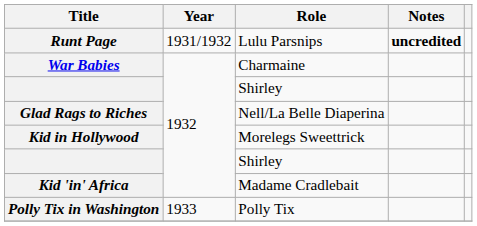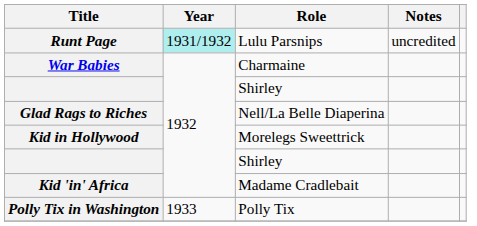 <table class="wikitable sortable plainrowheaders">
 <tr>
 <th scope="col">Title</th>
 <th scope="col">Year</th>
 <th scope="col" class="unsortable">Role</th>
 <th scope="col" class="unsortable">Notes</th>
 <th scope="col" class="unsortable"></th>
 </tr>
 <tr>
 <th scope="row"><em>Runt Page</em></th>
-<td>1931/1932</td>
+<td style="background: paleturquoise;">1931/1932</td>
 <td>Lulu Parsnips</td>
-<td><strong>uncredited</strong></td>
+<td>uncredited</td>
 <td align="center"></td>
 </tr>
 <tr>
 <th scope="row"><a href='#'><em>War Babies</em></a></th>
 <td rowspan=6>1932</td>
 <td>Charmaine</td>
 <td></td>
 <td align="center"></td>
 </tr>
 <tr>
 <th scope="row"></th>
 <td>Shirley</td>
 <td></td>
 <td align="center"></td>
 </tr>
 <tr>
 <th scope="row"><em>Glad Rags to Riches</em></th>
 <td>Nell/La Belle Diaperina</td>
 <td></td>
 <td align="center"></td>
 </tr>
 <tr>
 <th scope="row"><em>Kid in Hollywood</em></th>
 <td>Morelegs Sweettrick</td>
 <td></td>
 <td align="center"></td>
 </tr>
 <tr>
 <th scope="row"></th>
 <td>Shirley</td>
 <td></td>
 <td align="center"></td>
 </tr>
 <tr>
 <th scope="row"><em>Kid 'in' Africa</em></th>
 <td>Madame Cradlebait</td>
 <td></td>
 <td align="center"></td>
 </tr>
 <tr>
 <th scope="row"><em>Polly Tix in Washington</em></th>
 <td>1933</td>
 <td>Polly Tix</td>
 <td></td>
 <td align="center"></td>
 </tr>
 <tr>
 </tr>
 </table>
